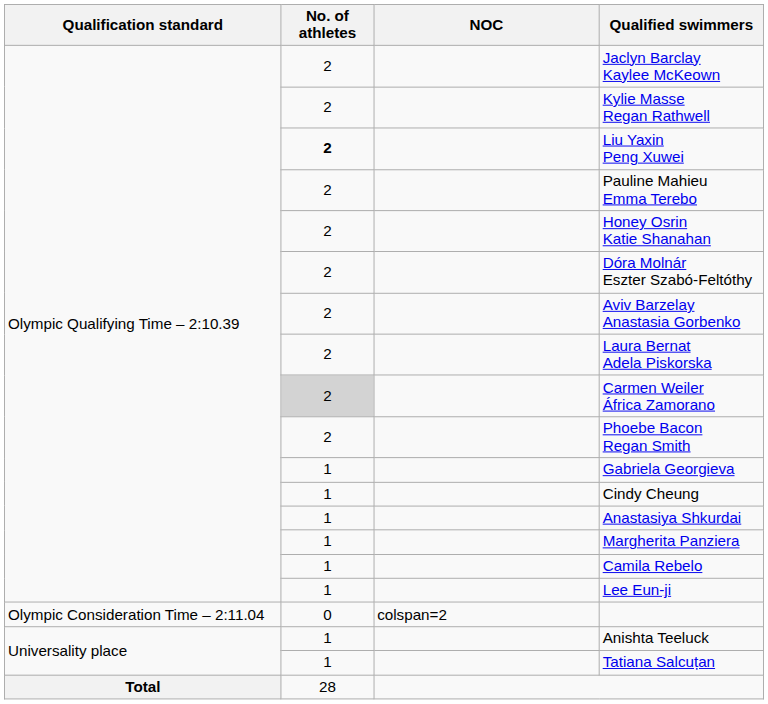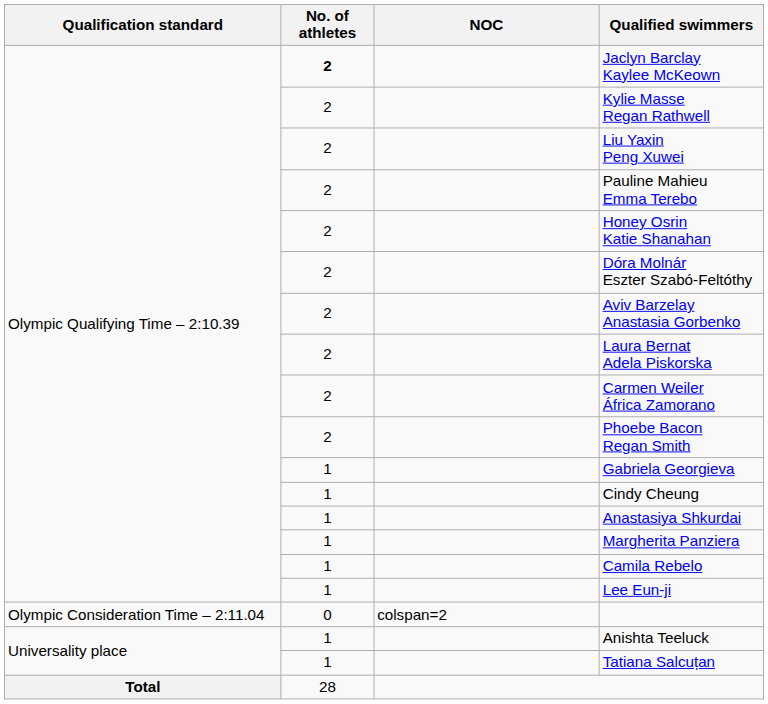 <table class=wikitable style="text-align:left" width=800>
 <tr>
 <th scope="col">Qualification standard</th>
 <th scope="col" width =90>No. of athletes</th>
 <th scope="col" width =230>NOC</th>
 <th scope="col">Qualified swimmers</th>
 </tr>
 <tr>
 <td rowspan=16>Olympic Qualifying Time – 2:10.39</td>
-<td align=center>2</td>
+<td align=center><strong>2</strong></td>
 <td></td>
 <td><a href='#'>Jaclyn Barclay</a><br><a href='#'>Kaylee McKeown</a></td>
 </tr>
 <tr>
 <td align=center>2</td>
 <td></td>
 <td><a href='#'>Kylie Masse</a><br><a href='#'>Regan Rathwell</a></td>
 </tr>
 <tr>
-<td align=center><strong>2</strong></td>
+<td align=center>2</td>
 <td></td>
 <td><a href='#'>Liu Yaxin</a><br><a href='#'>Peng Xuwei</a></td>
 </tr>
 <tr>
 <td align=center>2</td>
 <td></td>
 <td>Pauline Mahieu<br><a href='#'>Emma Terebo</a></td>
 </tr>
 <tr>
 <td align=center>2</td>
 <td></td>
 <td><a href='#'>Honey Osrin</a><br><a href='#'>Katie Shanahan</a></td>
 </tr>
 <tr>
 <td align=center>2</td>
 <td></td>
 <td><a href='#'>Dóra Molnár</a><br>Eszter Szabó-Feltóthy</td>
 </tr>
 <tr>
 <td align=center>2</td>
 <td></td>
 <td><a href='#'>Aviv Barzelay</a><br><a href='#'>Anastasia Gorbenko</a></td>
 </tr>
 <tr>
 <td align=center>2</td>
 <td></td>
 <td><a href='#'>Laura Bernat</a><br><a href='#'>Adela Piskorska</a></td>
 </tr>
 <tr>
-<td align=center style="background: lightgrey;">2</td>
+<td align=center>2</td>
 <td></td>
 <td><a href='#'>Carmen Weiler</a><br><a href='#'>África Zamorano</a></td>
 </tr>
 <tr>
 <td align=center>2</td>
 <td></td>
 <td><a href='#'>Phoebe Bacon</a><br><a href='#'>Regan Smith</a></td>
 </tr>
 <tr>
 <td align=center>1</td>
 <td></td>
 <td><a href='#'>Gabriela Georgieva</a></td>
 </tr>
 <tr>
 <td align=center>1</td>
 <td></td>
 <td>Cindy Cheung</td>
 </tr>
 <tr>
 <td align=center>1</td>
 <td></td>
 <td><a href='#'>Anastasiya Shkurdai</a></td>
 </tr>
 <tr>
 <td align=center>1</td>
 <td></td>
 <td><a href='#'>Margherita Panziera</a></td>
 </tr>
 <tr>
 <td align=center>1</td>
 <td></td>
 <td><a href='#'>Camila Rebelo</a></td>
 </tr>
 <tr>
 <td align=center>1</td>
 <td></td>
 <td><a href='#'>Lee Eun-ji</a></td>
 </tr>
 <tr>
 <td>Olympic Consideration Time – 2:11.04</td>
 <td align=center>0</td>
 <td>colspan=2 </td>
 </tr>
 <tr>
 <td rowspan=2>Universality place</td>
 <td align=center>1</td>
 <td></td>
 <td>Anishta Teeluck</td>
 </tr>
 <tr>
 <td align=center>1</td>
 <td></td>
 <td><a href='#'>Tatiana Salcuțan</a></td>
 </tr>
 <tr>
 <th scope="row">Total</th>
 <td align=center>28</td>
 <td colspan=2></td>
 </tr>
 </table>
